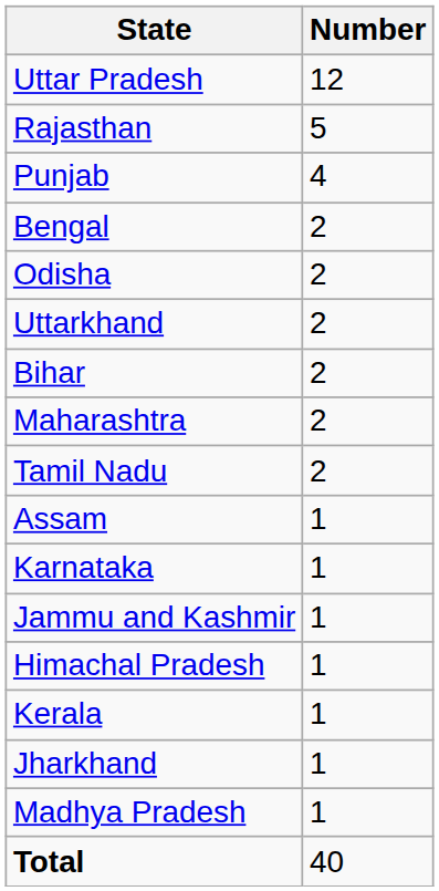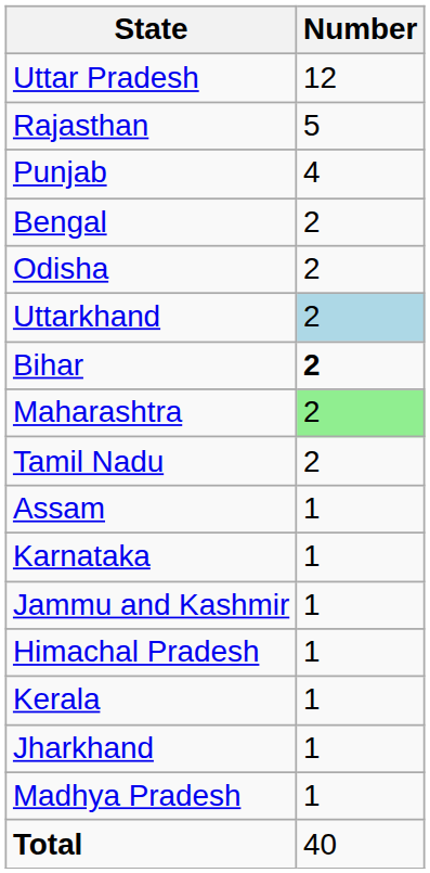 <table class="wikitable sortable" align="right">
 <tr>
 <th>State</th>
 <th>Number</th>
 </tr>
 <tr>
 <td><a href='#'>Uttar Pradesh</a></td>
 <td>12</td>
 </tr>
 <tr>
 <td><a href='#'>Rajasthan</a></td>
 <td>5</td>
 </tr>
 <tr>
 <td><a href='#'>Punjab</a></td>
 <td>4</td>
 </tr>
 <tr>
 <td><a href='#'>Bengal</a></td>
 <td>2</td>
 </tr>
 <tr>
 <td><a href='#'>Odisha</a></td>
 <td>2</td>
 </tr>
 <tr>
 <td><a href='#'>Uttarkhand</a></td>
-<td>2</td>
+<td style="background: lightblue;">2</td>
 </tr>
 <tr>
 <td><a href='#'>Bihar</a></td>
-<td>2</td>
+<td><strong>2</strong></td>
 </tr>
 <tr>
 <td><a href='#'>Maharashtra</a></td>
-<td>2</td>
+<td style="background: lightgreen;">2</td>
 </tr>
 <tr>
 <td><a href='#'>Tamil Nadu</a></td>
 <td>2</td>
 </tr>
 <tr>
 <td><a href='#'>Assam</a></td>
 <td>1</td>
 </tr>
 <tr>
 <td><a href='#'>Karnataka</a></td>
 <td>1</td>
 </tr>
 <tr>
 <td><a href='#'>Jammu and Kashmir</a></td>
 <td>1</td>
 </tr>
 <tr>
 <td><a href='#'>Himachal Pradesh</a></td>
 <td>1</td>
 </tr>
 <tr>
 <td><a href='#'>Kerala</a></td>
 <td>1</td>
 </tr>
 <tr>
 <td><a href='#'>Jharkhand</a></td>
 <td>1</td>
 </tr>
 <tr>
 <td><a href='#'>Madhya Pradesh</a></td>
 <td>1</td>
 </tr>
 <tr>
 <td><strong>Total</strong></td>
 <td>40</td>
 </tr>
 </table>
